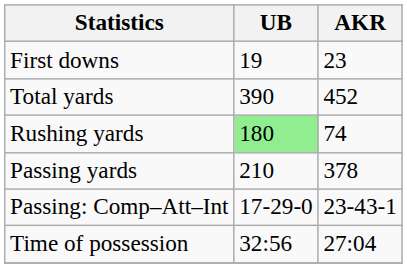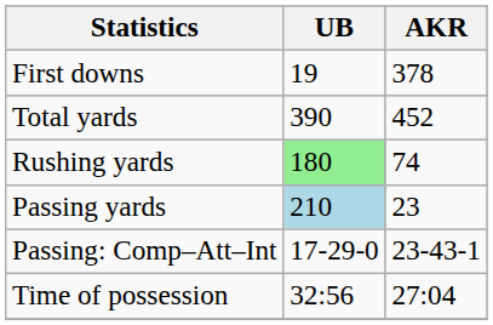 <table class="wikitable" style="float: left;">
 <tr>
 <th>Statistics</th>
 <th>UB</th>
 <th>AKR</th>
 </tr>
 <tr>
 <td>First downs</td>
 <td>19</td>
-<td>23</td>
+<td>378</td>
 </tr>
 <tr>
 <td>Total yards</td>
 <td>390</td>
 <td>452</td>
 </tr>
 <tr>
 <td>Rushing yards</td>
 <td style="background: lightgreen;">180</td>
 <td>74</td>
 </tr>
 <tr>
 <td>Passing yards</td>
-<td>210</td>
-<td>378</td>
+<td style="background: lightblue;">210</td>
+<td>23</td>
 </tr>
 <tr>
 <td>Passing: Comp–Att–Int</td>
 <td>17-29-0</td>
 <td>23-43-1</td>
 </tr>
 <tr>
 <td>Time of possession</td>
 <td>32:56</td>
 <td>27:04</td>
 </tr>
 <tr>
 </tr>
 </table>
